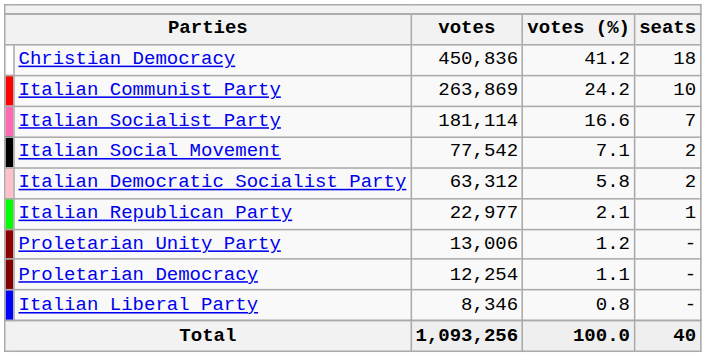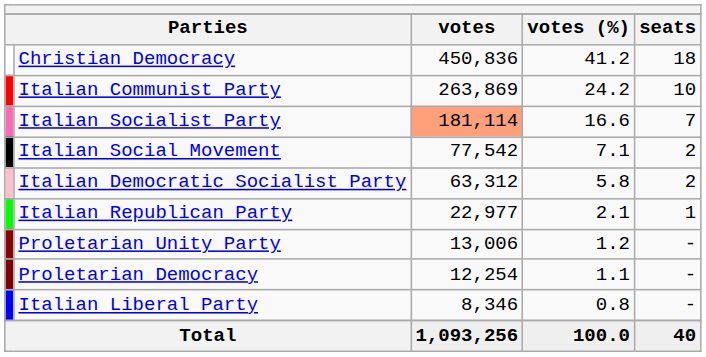 <table class="wikitable" style="font-size:95%">
 <tr>
 <th colspan=5></th>
 </tr>
 <tr>
 </tr>
 <tr bgcolor="EFEFEF">
 <th colspan=2>Parties</th>
 <th>votes</th>
 <th>votes (%)</th>
 <th>seats</th>
 </tr>
 <tr>
 <td bgcolor=White></td>
 <td><a href='#'>Christian Democracy</a></td>
 <td align=right>450,836</td>
 <td align=right>41.2</td>
 <td align=right>18</td>
 </tr>
 <tr>
 <td bgcolor=Red></td>
 <td><a href='#'>Italian Communist Party</a></td>
 <td align=right>263,869</td>
 <td align=right>24.2</td>
 <td align=right>10</td>
 </tr>
 <tr>
 <td bgcolor=Hotpink></td>
 <td><a href='#'>Italian Socialist Party</a></td>
-<td align=right>181,114</td>
+<td align=right style="background: lightsalmon;">181,114</td>
 <td align=right>16.6</td>
 <td align=right>7</td>
 </tr>
 <tr>
 <td bgcolor=Black></td>
 <td><a href='#'>Italian Social Movement</a></td>
 <td align=right>77,542</td>
 <td align=right>7.1</td>
 <td align=right>2</td>
 </tr>
 <tr>
 <td bgcolor=Pink></td>
 <td><a href='#'>Italian Democratic Socialist Party</a></td>
 <td align=right>63,312</td>
 <td align=right>5.8</td>
 <td align=right>2</td>
 </tr>
 <tr>
 <td bgcolor=Lime></td>
 <td><a href='#'>Italian Republican Party</a></td>
 <td align=right>22,977</td>
 <td align=right>2.1</td>
 <td align=right>1</td>
 </tr>
 <tr>
 <td bgcolor=Darkred></td>
 <td><a href='#'>Proletarian Unity Party</a></td>
 <td align=right>13,006</td>
 <td align=right>1.2</td>
 <td align=right>-</td>
 </tr>
 <tr>
 <td bgcolor=Maroon></td>
 <td><a href='#'>Proletarian Democracy</a></td>
 <td align=right>12,254</td>
 <td align=right>1.1</td>
 <td align=right>-</td>
 </tr>
 <tr>
 <td bgcolor=Blue></td>
 <td><a href='#'>Italian Liberal Party</a></td>
 <td align=right>8,346</td>
 <td align=right>0.8</td>
 <td align=right>-</td>
 </tr>
 <tr>
 </tr>
 <tr bgcolor="EFEFEF">
 <th colspan=2><strong>Total</strong></th>
 <td align=right><strong>1,093,256</strong></td>
 <td align=right><strong>100.0</strong></td>
 <td align=right><strong>40</strong></td>
 </tr>
 </table>
